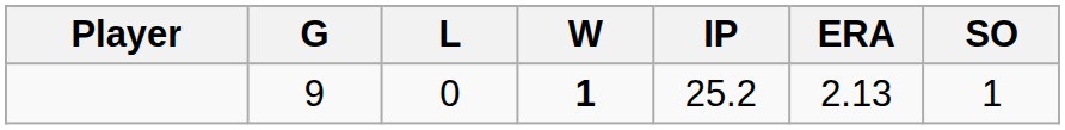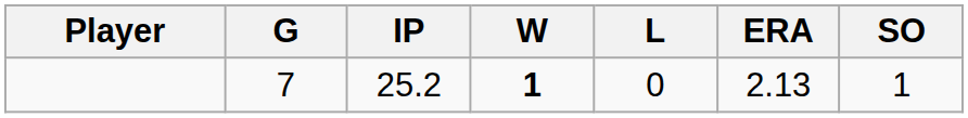 <table class="wikitable sortable">
 <tr>
 <th bgcolor="#DDDDFF" width="16%">Player</th>
 <th bgcolor="#DDDDFF" width="9%">G</th>
+<th bgcolor="#DDDDFF" width="9%">IP</th>
+<th bgcolor="#DDDDFF" width="9%">W</th>
 <th bgcolor="#DDDDFF" width="9%">L</th>
-<th bgcolor="#DDDDFF" width="9%">W</th>
-<th bgcolor="#DDDDFF" width="9%">IP</th>
 <th bgcolor="#DDDDFF" width="9%">ERA</th>
 <th bgcolor="#DDDDFF" width="9%">SO</th>
 </tr>
 <tr align="center">
 <td></td>
-<td>9</td>
+<td>7</td>
+<td>25.2</td>
+<td><strong>1</strong></td>
 <td>0</td>
-<td><strong>1</strong></td>
-<td>25.2</td>
 <td>2.13</td>
 <td>1</td>
 </tr>
 </table>
